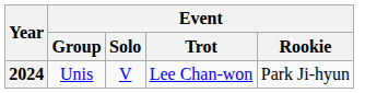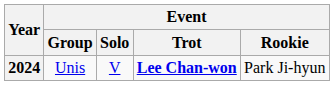 <table class="wikitable plainrowheaders" style="text-align:center">
 <tr>
 <th scope="col" rowspan="2">Year</th>
 <th scope="col" colspan="4" width="200">Event</th>
 </tr>
 <tr>
 <th>Group</th>
 <th>Solo</th>
 <th>Trot</th>
 <th>Rookie</th>
 </tr>
 <tr>
 <th scope="row">2024</th>
 <td><a href='#'>Unis</a></td>
 <td><a href='#'>V</a></td>
-<td><a href='#'>Lee Chan-won</a></td>
+<td><strong><a href='#'>Lee Chan-won</a></strong></td>
 <td>Park Ji-hyun</td>
 </tr>
 <tr>
 </tr>
 </table>
